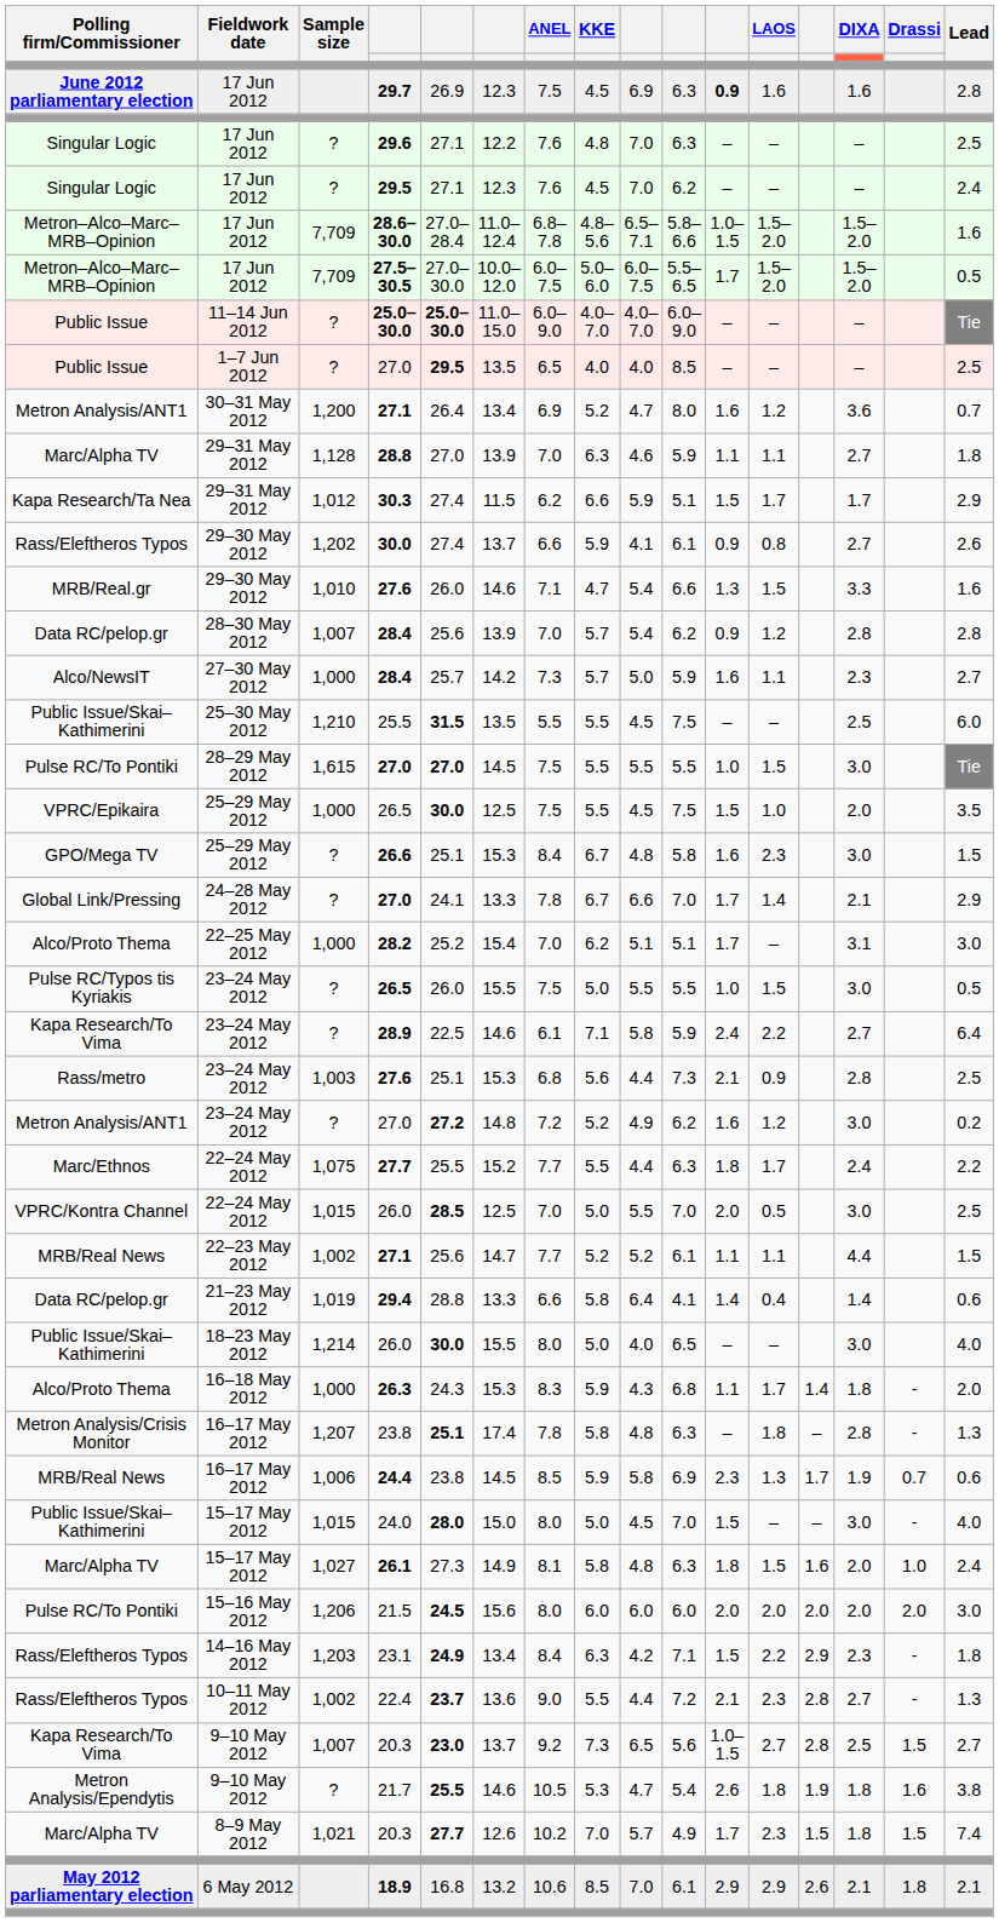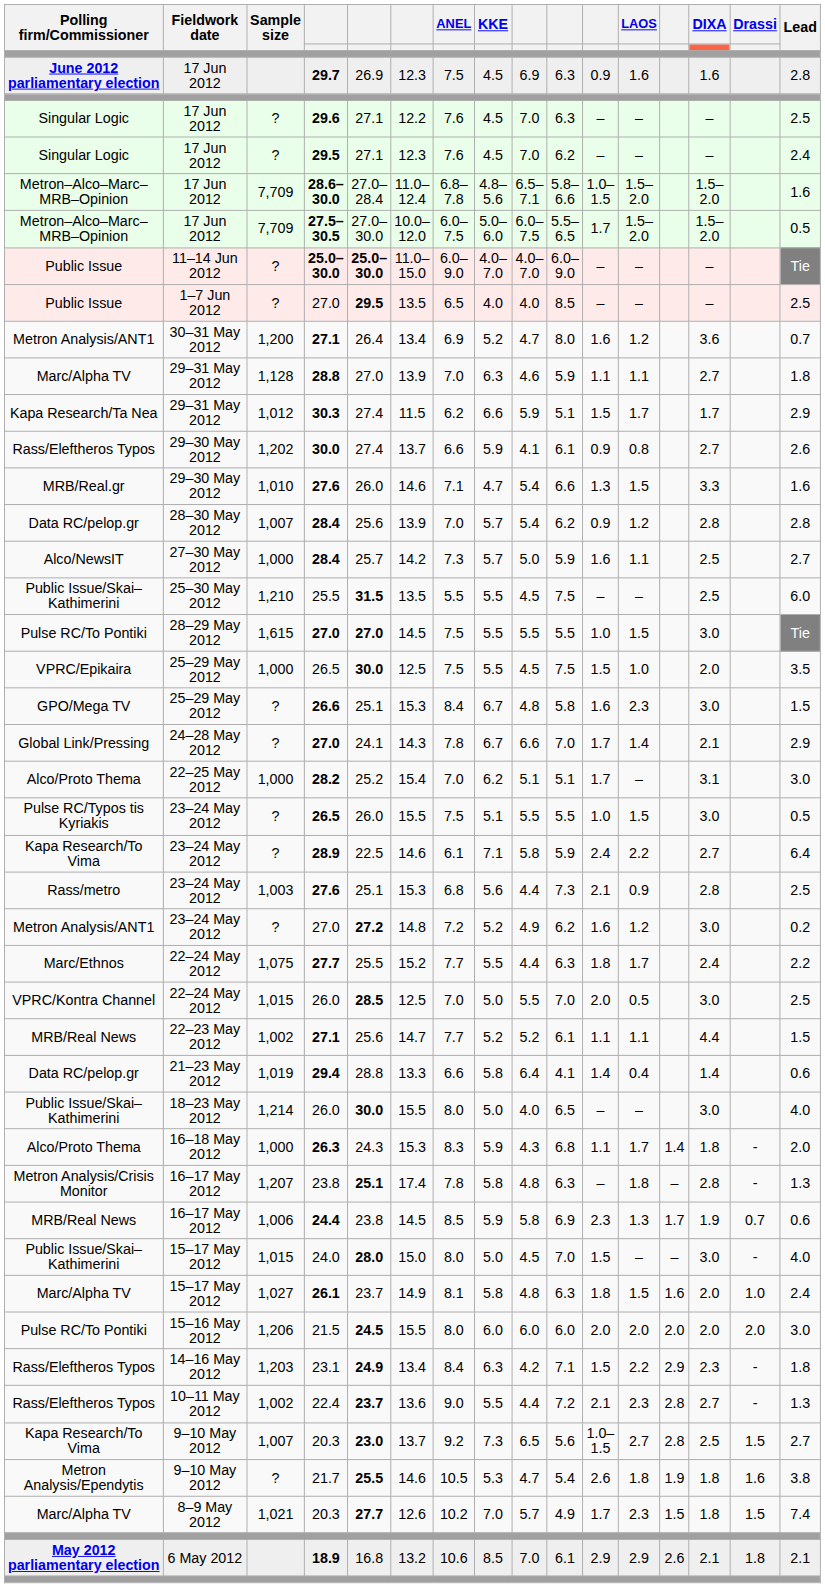 <table class="wikitable collapsible collapsed" style="text-align:center; font-size:95%; line-height:16px;">
 <tr style="height:42px;">
 <th style="width:250px;" rowspan="2">Polling firm/Commissioner</th>
 <th style="width:125px;" rowspan="2">Fieldwork date</th>
 <th style="width:50px;" rowspan="2">Sample size</th>
 <th style="width:43px;"></th>
 <th style="width:43px;"></th>
 <th style="width:35px;"></th>
 <th style="width:35px; font-size:90%;"><a href='#'>ANEL</a></th>
 <th style="width:35px;"><a href='#'>KKE</a></th>
 <th style="width:35px;"></th>
 <th style="width:35px;"></th>
 <th style="width:35px;"></th>
 <th style="width:35px; font-size:90%;"><a href='#'>LAOS</a></th>
 <th style="width:35px;"></th>
 <th style="width:35px;"><a href='#'>DIXA</a></th>
 <th style="width:35px;"><a href='#'>Drassi</a></th>
 <th style="width:30px;" rowspan="2">Lead</th>
 </tr>
 <tr>
 <th style="color:inherit;background:"></th>
 <th style="color:inherit;background:"></th>
 <th style="color:inherit;background:"></th>
 <th style="color:inherit;background:"></th>
 <th style="color:inherit;background:"></th>
 <th style="color:inherit;background:"></th>
 <th style="color:inherit;background:"></th>
 <th style="color:inherit;background:"></th>
 <th style="color:inherit;background:"></th>
 <th style="color:inherit;background:"></th>
 <th style="color:inherit;background:tomato;"></th>
 <th style="color:inherit;background:"></th>
 </tr>
 <tr>
 <td colspan="16" style="background:#A0A0A0"></td>
 </tr>
 <tr style="background:#EFEFEF;">
 <td><strong><a href='#'>June 2012 parliamentary election</a></strong></td>
 <td>17 Jun 2012</td>
 <td></td>
 <td><strong>29.7</strong><br></td>
 <td>26.9<br></td>
 <td>12.3<br></td>
 <td>7.5<br></td>
 <td>4.5<br></td>
 <td>6.9<br></td>
 <td>6.3<br></td>
-<td><strong>0.9<br></strong></td>
+<td>0.9<br></td>
 <td>1.6<br></td>
 <td></td>
 <td>1.6<br></td>
 <td></td>
 <td style="background:">2.8</td>
 </tr>
 <tr>
 <td colspan="16" style="background:#A0A0A0"></td>
 </tr>
 <tr style="background:#EAFFEA;">
 <td>Singular Logic</td>
 <td>17 Jun 2012 </td>
 <td>?</td>
 <td><strong>29.6</strong><br></td>
 <td>27.1<br></td>
 <td>12.2<br></td>
 <td>7.6<br></td>
-<td>4.8<br></td>
+<td>4.5<br></td>
 <td>7.0<br></td>
 <td>6.3<br></td>
 <td>–</td>
 <td>–</td>
 <td></td>
 <td>–</td>
 <td></td>
 <td style="background:">2.5</td>
 </tr>
 <tr style="background:#EAFFEA;">
 <td>Singular Logic</td>
 <td>17 Jun 2012 </td>
 <td>?</td>
 <td><strong>29.5</strong><br></td>
 <td>27.1<br></td>
 <td>12.3<br></td>
 <td>7.6<br></td>
 <td>4.5<br></td>
 <td>7.0<br></td>
 <td>6.2<br></td>
 <td>–</td>
 <td>–</td>
 <td></td>
 <td>–</td>
 <td></td>
 <td style="background:">2.4</td>
 </tr>
 <tr style="background:#EAFFEA;">
 <td>Metron–Alco–Marc–MRB–Opinion</td>
 <td>17 Jun 2012 </td>
 <td>7,709</td>
 <td><strong>28.6–<br>30.0</strong><br></td>
 <td>27.0–<br>28.4<br></td>
 <td>11.0–<br>12.4<br></td>
 <td>6.8–<br>7.8<br></td>
 <td>4.8–<br>5.6<br></td>
 <td>6.5–<br>7.1<br></td>
 <td>5.8–<br>6.6<br></td>
 <td>1.0–<br>1.5<br></td>
 <td>1.5–<br>2.0<br></td>
 <td></td>
 <td>1.5–<br>2.0<br></td>
 <td></td>
 <td style="background:">1.6</td>
 </tr>
 <tr style="background:#EAFFEA;">
 <td>Metron–Alco–Marc–MRB–Opinion</td>
 <td>17 Jun 2012 </td>
 <td>7,709</td>
 <td><strong>27.5–<br>30.5</strong></td>
 <td>27.0–<br>30.0</td>
 <td>10.0–<br>12.0</td>
 <td>6.0–<br>7.5</td>
 <td>5.0–<br>6.0</td>
 <td>6.0–<br>7.5</td>
 <td>5.5–<br>6.5</td>
 <td>1.7<br></td>
 <td>1.5–<br>2.0</td>
 <td></td>
 <td>1.5–<br>2.0</td>
 <td></td>
 <td style="background:">0.5</td>
 </tr>
 <tr style="background:#FFEAEA;">
 <td>Public Issue</td>
 <td>11–14 Jun 2012</td>
 <td>?</td>
 <td><strong>25.0–<br>30.0</strong></td>
 <td><strong>25.0–<br>30.0</strong></td>
 <td>11.0–<br>15.0</td>
 <td>6.0–<br>9.0</td>
 <td>4.0–<br>7.0</td>
 <td>4.0–<br>7.0</td>
 <td>6.0–<br>9.0</td>
 <td>–</td>
 <td>–</td>
 <td></td>
 <td>–</td>
 <td></td>
 <td style="background:gray; color:white;">Tie</td>
 </tr>
 <tr style="background:#FFEAEA;">
 <td>Public Issue</td>
 <td>1–7 Jun 2012</td>
 <td>?</td>
 <td>27.0</td>
 <td><strong>29.5</strong></td>
 <td>13.5</td>
 <td>6.5</td>
 <td>4.0</td>
 <td>4.0</td>
 <td>8.5</td>
 <td>–</td>
 <td>–</td>
 <td></td>
 <td>–</td>
 <td></td>
 <td style="background:">2.5</td>
 </tr>
 <tr>
 <td>Metron Analysis/ANT1</td>
 <td>30–31 May 2012</td>
 <td>1,200</td>
 <td><strong>27.1</strong><br></td>
 <td>26.4<br></td>
 <td>13.4<br></td>
 <td>6.9<br></td>
 <td>5.2<br></td>
 <td>4.7<br></td>
 <td>8.0<br></td>
 <td>1.6<br></td>
 <td>1.2<br></td>
 <td></td>
 <td>3.6<br></td>
 <td></td>
 <td style="background:">0.7</td>
 </tr>
 <tr>
 <td>Marc/Alpha TV</td>
 <td>29–31 May 2012</td>
 <td>1,128</td>
 <td><strong>28.8</strong><br></td>
 <td>27.0<br></td>
 <td>13.9<br></td>
 <td>7.0<br></td>
 <td>6.3<br></td>
 <td>4.6<br></td>
 <td>5.9<br></td>
 <td>1.1<br></td>
 <td>1.1<br></td>
 <td></td>
 <td>2.7<br></td>
 <td></td>
 <td style="background:">1.8</td>
 </tr>
 <tr>
 <td>Kapa Research/Ta Nea</td>
 <td>29–31 May 2012</td>
 <td>1,012</td>
 <td><strong>30.3</strong></td>
 <td>27.4</td>
 <td>11.5</td>
 <td>6.2</td>
 <td>6.6</td>
 <td>5.9</td>
 <td>5.1</td>
 <td>1.5</td>
 <td>1.7</td>
 <td></td>
 <td>1.7</td>
 <td></td>
 <td style="background:">2.9</td>
 </tr>
 <tr>
 <td>Rass/Eleftheros Typos</td>
 <td>29–30 May 2012</td>
 <td>1,202</td>
 <td><strong>30.0</strong></td>
 <td>27.4</td>
 <td>13.7</td>
 <td>6.6</td>
 <td>5.9</td>
 <td>4.1</td>
 <td>6.1</td>
 <td>0.9</td>
 <td>0.8</td>
 <td></td>
 <td>2.7</td>
 <td></td>
 <td style="background:">2.6</td>
 </tr>
 <tr>
 <td>MRB/Real.gr</td>
 <td>29–30 May 2012</td>
 <td>1,010</td>
 <td><strong>27.6</strong><br></td>
 <td>26.0<br></td>
 <td>14.6<br></td>
 <td>7.1<br></td>
 <td>4.7<br></td>
 <td>5.4<br></td>
 <td>6.6<br></td>
 <td>1.3<br></td>
 <td>1.5<br></td>
 <td></td>
 <td>3.3<br></td>
 <td></td>
 <td style="background:">1.6</td>
 </tr>
 <tr>
 <td>Data RC/pelop.gr</td>
 <td>28–30 May 2012</td>
 <td>1,007</td>
 <td><strong>28.4</strong></td>
 <td>25.6</td>
 <td>13.9</td>
 <td>7.0</td>
 <td>5.7</td>
 <td>5.4</td>
 <td>6.2</td>
 <td>0.9</td>
 <td>1.2</td>
 <td></td>
 <td>2.8</td>
 <td></td>
 <td style="background:">2.8</td>
 </tr>
 <tr>
 <td>Alco/NewsIT</td>
 <td>27–30 May 2012</td>
 <td>1,000</td>
 <td><strong>28.4</strong></td>
 <td>25.7</td>
 <td>14.2</td>
 <td>7.3</td>
 <td>5.7</td>
 <td>5.0</td>
 <td>5.9</td>
 <td>1.6</td>
 <td>1.1</td>
 <td></td>
-<td>2.3</td>
+<td>2.5</td>
 <td></td>
 <td style="background:">2.7</td>
 </tr>
 <tr>
 <td>Public Issue/Skai–Kathimerini</td>
 <td>25–30 May 2012</td>
 <td>1,210</td>
 <td>25.5<br></td>
 <td><strong>31.5</strong><br></td>
 <td>13.5<br></td>
 <td>5.5<br></td>
 <td>5.5<br></td>
 <td>4.5<br></td>
 <td>7.5<br></td>
 <td>–</td>
 <td>–</td>
 <td></td>
 <td>2.5<br></td>
 <td></td>
 <td style="background:">6.0</td>
 </tr>
 <tr>
 <td>Pulse RC/To Pontiki</td>
 <td>28–29 May 2012</td>
 <td>1,615</td>
 <td><strong>27.0</strong><br></td>
 <td><strong>27.0</strong><br></td>
 <td>14.5<br></td>
 <td>7.5<br></td>
 <td>5.5<br></td>
 <td>5.5<br></td>
 <td>5.5<br></td>
 <td>1.0<br></td>
 <td>1.5<br></td>
 <td></td>
 <td>3.0<br></td>
 <td></td>
 <td style="background:gray; color:white;">Tie</td>
 </tr>
 <tr>
 <td>VPRC/Epikaira</td>
 <td>25–29 May 2012</td>
 <td>1,000</td>
 <td>26.5</td>
 <td><strong>30.0</strong></td>
 <td>12.5</td>
 <td>7.5</td>
 <td>5.5</td>
 <td>4.5</td>
 <td>7.5</td>
 <td>1.5</td>
 <td>1.0</td>
 <td></td>
 <td>2.0</td>
 <td></td>
 <td style="background:">3.5</td>
 </tr>
 <tr>
 <td>GPO/Mega TV</td>
 <td>25–29 May 2012</td>
 <td>?</td>
 <td><strong>26.6</strong><br></td>
 <td>25.1<br></td>
 <td>15.3<br></td>
 <td>8.4<br></td>
 <td>6.7<br></td>
 <td>4.8<br></td>
 <td>5.8<br></td>
 <td>1.6</td>
 <td>2.3<br></td>
 <td></td>
 <td>3.0<br></td>
 <td></td>
 <td style="background:">1.5</td>
 </tr>
 <tr>
 <td>Global Link/Pressing</td>
 <td>24–28 May 2012</td>
 <td>?</td>
 <td><strong>27.0</strong></td>
 <td>24.1</td>
-<td>13.3</td>
+<td>14.3</td>
 <td>7.8</td>
 <td>6.7</td>
 <td>6.6</td>
 <td>7.0</td>
 <td>1.7</td>
 <td>1.4</td>
 <td></td>
 <td>2.1</td>
 <td></td>
 <td style="background:">2.9</td>
 </tr>
 <tr>
 <td>Alco/Proto Thema</td>
 <td>22–25 May 2012</td>
 <td>1,000</td>
 <td><strong>28.2</strong></td>
 <td>25.2</td>
 <td>15.4</td>
 <td>7.0</td>
 <td>6.2</td>
 <td>5.1</td>
 <td>5.1</td>
 <td>1.7</td>
 <td>–</td>
 <td></td>
 <td>3.1</td>
 <td></td>
 <td style="background:">3.0</td>
 </tr>
 <tr>
 <td>Pulse RC/Typos tis Kyriakis</td>
 <td>23–24 May 2012</td>
 <td>?</td>
 <td><strong>26.5</strong></td>
 <td>26.0</td>
 <td>15.5</td>
 <td>7.5</td>
-<td>5.0</td>
+<td>5.1</td>
 <td>5.5</td>
 <td>5.5</td>
 <td>1.0</td>
 <td>1.5</td>
 <td></td>
 <td>3.0</td>
 <td></td>
 <td style="background:">0.5</td>
 </tr>
 <tr>
 <td>Kapa Research/To Vima</td>
 <td>23–24 May 2012</td>
 <td>?</td>
 <td><strong>28.9</strong></td>
 <td>22.5</td>
 <td>14.6</td>
 <td>6.1</td>
 <td>7.1</td>
 <td>5.8</td>
 <td>5.9</td>
 <td>2.4</td>
 <td>2.2</td>
 <td></td>
 <td>2.7</td>
 <td></td>
 <td style="background:">6.4</td>
 </tr>
 <tr>
 <td>Rass/metro</td>
 <td>23–24 May 2012</td>
 <td>1,003</td>
 <td><strong>27.6</strong></td>
 <td>25.1</td>
 <td>15.3</td>
 <td>6.8</td>
 <td>5.6</td>
 <td>4.4</td>
 <td>7.3</td>
 <td>2.1</td>
 <td>0.9</td>
 <td></td>
 <td>2.8</td>
 <td></td>
 <td style="background:">2.5</td>
 </tr>
 <tr>
 <td>Metron Analysis/ANT1</td>
 <td>23–24 May 2012</td>
 <td>?</td>
 <td>27.0<br></td>
 <td><strong>27.2</strong><br></td>
 <td>14.8<br></td>
 <td>7.2<br></td>
 <td>5.2<br></td>
 <td>4.9<br></td>
 <td>6.2<br></td>
 <td>1.6<br></td>
 <td>1.2<br></td>
 <td></td>
 <td>3.0<br></td>
 <td></td>
 <td style="background:">0.2</td>
 </tr>
 <tr>
 <td>Marc/Ethnos</td>
 <td>22–24 May 2012</td>
 <td>1,075</td>
 <td><strong>27.7</strong></td>
 <td>25.5</td>
 <td>15.2</td>
 <td>7.7</td>
 <td>5.5</td>
 <td>4.4</td>
 <td>6.3</td>
 <td>1.8</td>
 <td>1.7</td>
 <td></td>
 <td>2.4</td>
 <td></td>
 <td style="background:">2.2</td>
 </tr>
 <tr>
 <td>VPRC/Kontra Channel</td>
 <td>22–24 May 2012</td>
 <td>1,015</td>
 <td>26.0</td>
 <td><strong>28.5</strong></td>
 <td>12.5</td>
 <td>7.0</td>
 <td>5.0</td>
 <td>5.5</td>
 <td>7.0</td>
 <td>2.0</td>
 <td>0.5</td>
 <td></td>
 <td>3.0</td>
 <td></td>
 <td style="background:">2.5</td>
 </tr>
 <tr>
 <td>MRB/Real News</td>
 <td>22–23 May 2012</td>
 <td>1,002</td>
 <td><strong>27.1</strong><br></td>
 <td>25.6<br></td>
 <td>14.7<br></td>
 <td>7.7<br></td>
 <td>5.2<br></td>
 <td>5.2<br></td>
 <td>6.1<br></td>
 <td>1.1<br></td>
 <td>1.1<br></td>
 <td></td>
 <td>4.4<br></td>
 <td></td>
 <td style="background:">1.5</td>
 </tr>
 <tr>
 <td>Data RC/pelop.gr</td>
 <td>21–23 May 2012</td>
 <td>1,019</td>
 <td><strong>29.4</strong></td>
 <td>28.8</td>
 <td>13.3</td>
 <td>6.6</td>
 <td>5.8</td>
 <td>6.4</td>
 <td>4.1</td>
 <td>1.4</td>
 <td>0.4</td>
 <td></td>
 <td>1.4</td>
 <td></td>
 <td style="background:">0.6</td>
 </tr>
 <tr>
 <td>Public Issue/Skai–Kathimerini</td>
 <td>18–23 May 2012</td>
 <td>1,214</td>
 <td>26.0</td>
 <td><strong>30.0</strong></td>
 <td>15.5</td>
 <td>8.0</td>
 <td>5.0</td>
 <td>4.0</td>
 <td>6.5</td>
 <td>–</td>
 <td>–</td>
 <td></td>
 <td>3.0</td>
 <td></td>
 <td style="background:">4.0</td>
 </tr>
 <tr>
 <td>Alco/Proto Thema</td>
 <td>16–18 May 2012</td>
 <td>1,000</td>
 <td><strong>26.3</strong></td>
 <td>24.3</td>
 <td>15.3</td>
 <td>8.3</td>
 <td>5.9</td>
 <td>4.3</td>
 <td>6.8</td>
 <td>1.1</td>
 <td>1.7</td>
 <td>1.4</td>
 <td>1.8</td>
 <td>-</td>
 <td style="background:">2.0</td>
 </tr>
 <tr>
 <td>Metron Analysis/Crisis Monitor</td>
 <td>16–17 May 2012</td>
 <td>1,207</td>
 <td>23.8<br></td>
 <td><strong>25.1</strong><br></td>
 <td>17.4<br></td>
 <td>7.8<br></td>
 <td>5.8<br></td>
 <td>4.8<br></td>
 <td>6.3<br></td>
 <td>–</td>
 <td>1.8<br></td>
 <td>–</td>
 <td>2.8<br></td>
 <td>-</td>
 <td style="background:">1.3</td>
 </tr>
 <tr>
 <td>MRB/Real News</td>
 <td>16–17 May 2012</td>
 <td>1,006</td>
 <td><strong>24.4</strong></td>
 <td>23.8</td>
 <td>14.5</td>
 <td>8.5</td>
 <td>5.9</td>
 <td>5.8</td>
 <td>6.9</td>
 <td>2.3</td>
 <td>1.3</td>
 <td>1.7</td>
 <td>1.9</td>
 <td>0.7</td>
 <td style="background:">0.6</td>
 </tr>
 <tr>
 <td>Public Issue/Skai–Kathimerini</td>
 <td>15–17 May 2012</td>
 <td>1,015</td>
 <td>24.0</td>
 <td><strong>28.0</strong></td>
 <td>15.0</td>
 <td>8.0</td>
 <td>5.0</td>
 <td>4.5</td>
 <td>7.0</td>
 <td>1.5</td>
 <td>–</td>
 <td>–</td>
 <td>3.0</td>
 <td>-</td>
 <td style="background:">4.0</td>
 </tr>
 <tr>
 <td>Marc/Alpha TV</td>
 <td>15–17 May 2012</td>
 <td>1,027</td>
 <td><strong>26.1</strong><br></td>
-<td>27.3<br></td>
+<td>23.7<br></td>
 <td>14.9<br></td>
 <td>8.1<br></td>
 <td>5.8<br></td>
 <td>4.8<br></td>
 <td>6.3<br></td>
 <td>1.8<br></td>
 <td>1.5<br></td>
 <td>1.6<br></td>
 <td>2.0<br></td>
 <td>1.0<br></td>
 <td style="background:">2.4</td>
 </tr>
 <tr>
 <td>Pulse RC/To Pontiki</td>
 <td>15–16 May 2012</td>
 <td>1,206</td>
 <td>21.5</td>
 <td><strong>24.5</strong></td>
-<td>15.6</td>
+<td>15.5</td>
 <td>8.0</td>
 <td>6.0</td>
 <td>6.0</td>
 <td>6.0</td>
 <td>2.0</td>
 <td>2.0</td>
 <td>2.0</td>
 <td>2.0</td>
 <td>2.0</td>
 <td style="background:">3.0</td>
 </tr>
 <tr>
 <td>Rass/Eleftheros Typos</td>
 <td>14–16 May 2012</td>
 <td>1,203</td>
 <td>23.1</td>
 <td><strong>24.9</strong></td>
 <td>13.4</td>
 <td>8.4</td>
 <td>6.3</td>
 <td>4.2</td>
 <td>7.1</td>
 <td>1.5</td>
 <td>2.2</td>
 <td>2.9</td>
 <td>2.3</td>
 <td>-</td>
 <td style="background:">1.8</td>
 </tr>
 <tr>
 <td>Rass/Eleftheros Typos</td>
 <td>10–11 May 2012</td>
 <td>1,002</td>
 <td>22.4</td>
 <td><strong>23.7</strong></td>
 <td>13.6</td>
 <td>9.0</td>
 <td>5.5</td>
 <td>4.4</td>
 <td>7.2</td>
 <td>2.1</td>
 <td>2.3</td>
 <td>2.8</td>
 <td>2.7</td>
 <td>-</td>
 <td style="background:">1.3</td>
 </tr>
 <tr>
 <td>Kapa Research/To Vima</td>
 <td>9–10 May 2012</td>
 <td>1,007</td>
 <td>20.3</td>
 <td><strong>23.0</strong></td>
 <td>13.7</td>
 <td>9.2</td>
 <td>7.3</td>
 <td>6.5</td>
 <td>5.6</td>
 <td>1.0–<br>1.5<br></td>
 <td>2.7</td>
 <td>2.8</td>
 <td>2.5</td>
 <td>1.5</td>
 <td style="background:">2.7</td>
 </tr>
 <tr>
 <td>Metron Analysis/Ependytis</td>
 <td>9–10 May 2012</td>
 <td>?</td>
 <td>21.7</td>
 <td><strong>25.5</strong></td>
 <td>14.6</td>
 <td>10.5</td>
 <td>5.3</td>
 <td>4.7</td>
 <td>5.4</td>
 <td>2.6</td>
 <td>1.8</td>
 <td>1.9</td>
 <td>1.8</td>
 <td>1.6</td>
 <td style="background:">3.8</td>
 </tr>
 <tr>
 <td>Marc/Alpha TV</td>
 <td>8–9 May 2012</td>
 <td>1,021</td>
 <td>20.3<br></td>
 <td><strong>27.7</strong><br></td>
 <td>12.6<br></td>
 <td>10.2<br></td>
 <td>7.0<br></td>
 <td>5.7<br></td>
 <td>4.9<br></td>
 <td>1.7<br></td>
 <td>2.3<br></td>
 <td>1.5<br></td>
 <td>1.8<br></td>
 <td>1.5<br></td>
 <td style="background:">7.4</td>
 </tr>
 <tr>
 <td colspan="16" style="background:#A0A0A0"></td>
 </tr>
 <tr style="background:#EFEFEF;">
 <td><strong><a href='#'>May 2012 parliamentary election</a></strong></td>
 <td>6 May 2012</td>
 <td></td>
 <td><strong>18.9</strong><br></td>
 <td>16.8<br></td>
 <td>13.2<br></td>
 <td>10.6<br></td>
 <td>8.5<br></td>
 <td>7.0<br></td>
 <td>6.1<br></td>
 <td>2.9<br></td>
 <td>2.9<br></td>
 <td>2.6<br></td>
 <td>2.1<br></td>
 <td>1.8<br></td>
 <td style="background:">2.1</td>
 </tr>
 <tr>
 <td colspan="16" style="background:#A0A0A0"></td>
 </tr>
 </table>
